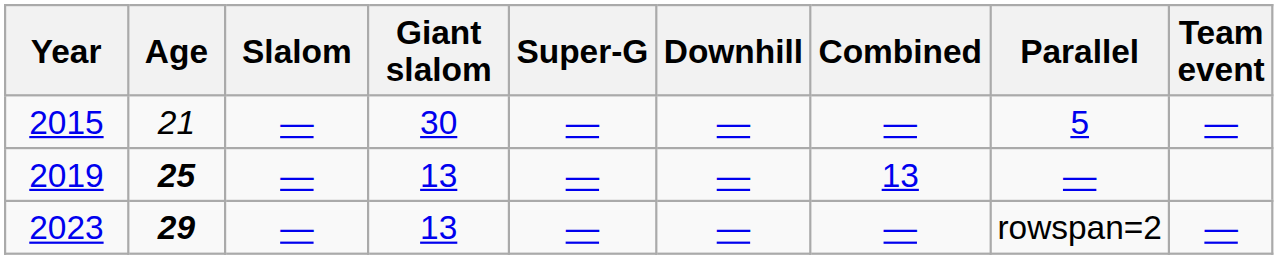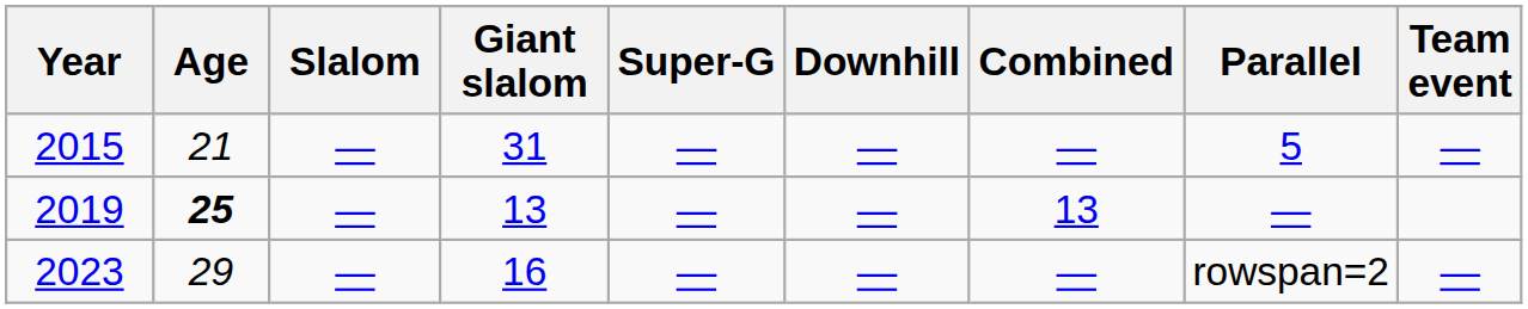 <table class="wikitable" style="text-align:center; font-size:95%;">
 <tr>
 <th>  Year  </th>
 <th> Age </th>
 <th> Slalom </th>
 <th> Giant <br> slalom </th>
 <th>Super-G</th>
 <th>Downhill</th>
 <th>Combined</th>
 <th>Parallel</th>
 <th>Team<br>event</th>
 </tr>
 <tr>
 <td><a href='#'>2015</a></td>
 <td><em>21</em></td>
 <td><a href='#'>—</a></td>
-<td><a href='#'>30</a></td>
+<td><a href='#'>31</a></td>
 <td><a href='#'>—</a></td>
 <td><a href='#'>—</a></td>
 <td><a href='#'>—</a></td>
 <td><a href='#'>5</a></td>
 <td><a href='#'>—</a></td>
 </tr>
 <tr>
 <td><a href='#'>2019</a></td>
 <td><strong><em>25</em></strong></td>
 <td><a href='#'>—</a></td>
 <td><a href='#'>13</a></td>
 <td><a href='#'>—</a></td>
 <td><a href='#'>—</a></td>
 <td><a href='#'>13</a></td>
 <td><a href='#'>—</a></td>
 </tr>
 <tr>
 <td><a href='#'>2023</a></td>
-<td><strong><em>29</em></strong></td>
+<td><em>29</em></td>
 <td><a href='#'>—</a></td>
-<td><a href='#'>13</a></td>
+<td><a href='#'>16</a></td>
 <td><a href='#'>—</a></td>
 <td><a href='#'>—</a></td>
 <td><a href='#'>—</a></td>
 <td>rowspan=2 </td>
 <td><a href='#'>—</a></td>
 </tr>
 </table>
